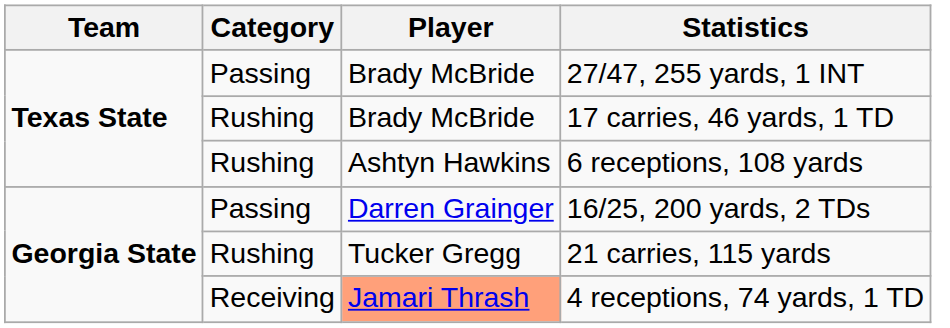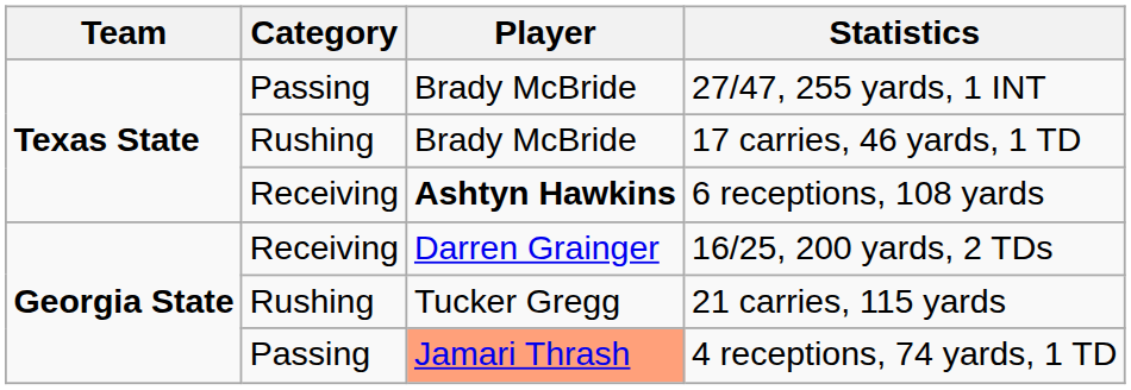 <table class="wikitable" style="float: left;">
 <tr>
 <th>Team</th>
 <th>Category</th>
 <th>Player</th>
 <th>Statistics</th>
 </tr>
 <tr>
 <td rowspan=3><strong>Texas State</strong></td>
 <td>Passing</td>
 <td>Brady McBride</td>
 <td>27/47, 255 yards, 1 INT</td>
 </tr>
 <tr>
 <td>Rushing</td>
 <td>Brady McBride</td>
 <td>17 carries, 46 yards, 1 TD</td>
 </tr>
 <tr>
-<td>Rushing</td>
-<td>Ashtyn Hawkins</td>
+<td>Receiving</td>
+<td><strong>Ashtyn Hawkins</strong></td>
 <td>6 receptions, 108 yards</td>
 </tr>
 <tr>
 <td rowspan=3><strong>Georgia State</strong></td>
-<td>Passing</td>
+<td>Receiving</td>
 <td><a href='#'>Darren Grainger</a></td>
 <td>16/25, 200 yards, 2 TDs</td>
 </tr>
 <tr>
 <td>Rushing</td>
 <td>Tucker Gregg</td>
 <td>21 carries, 115 yards</td>
 </tr>
 <tr>
-<td>Receiving</td>
+<td>Passing</td>
 <td style="background: lightsalmon;"><a href='#'>Jamari Thrash</a></td>
 <td>4 receptions, 74 yards, 1 TD</td>
 </tr>
 </table>
